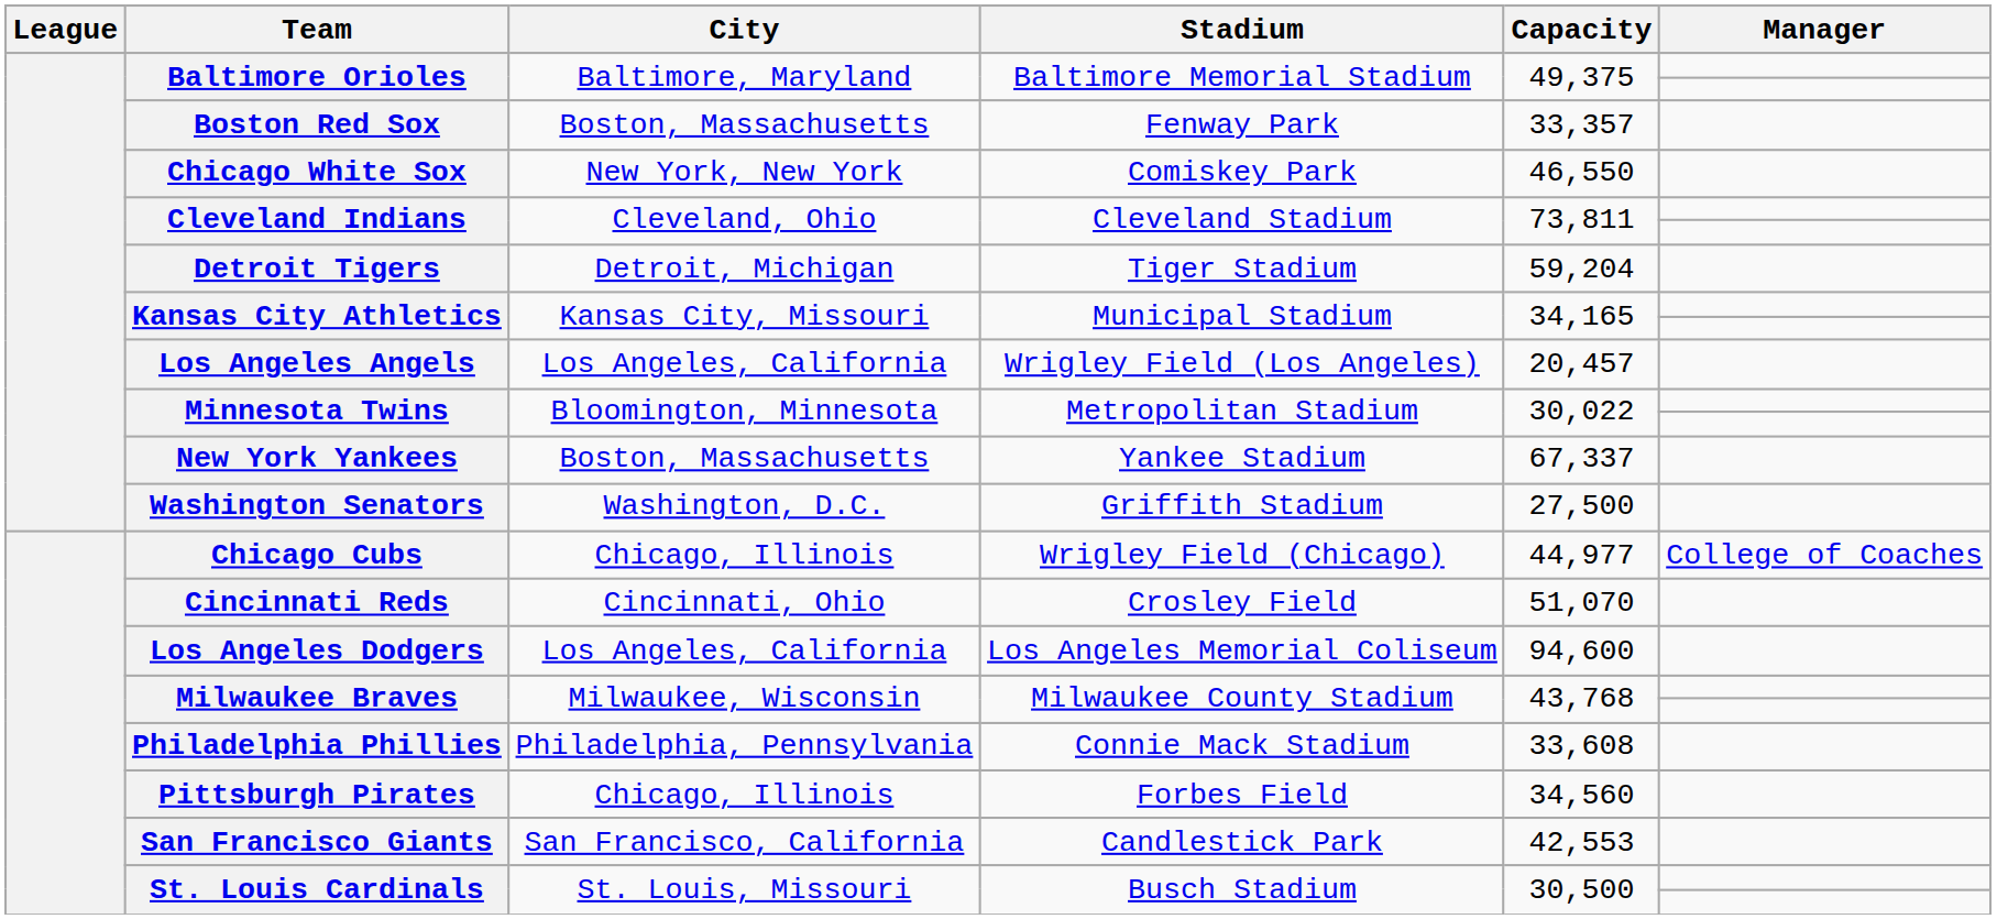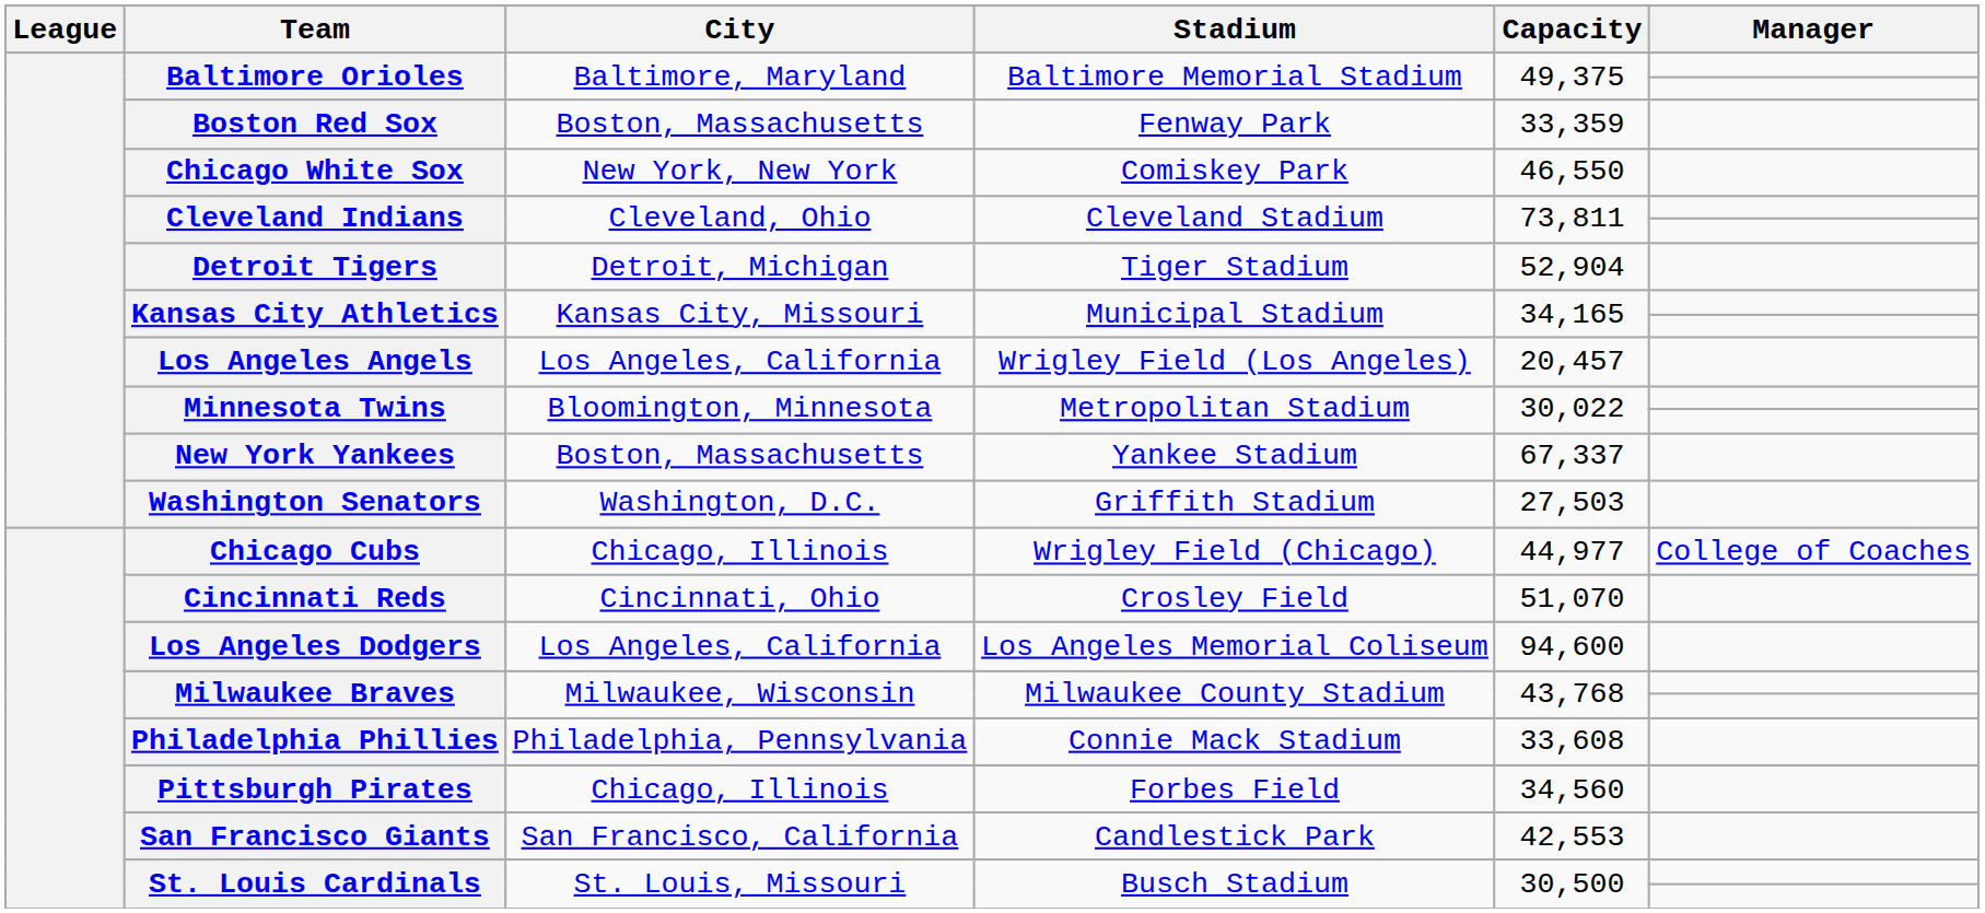 <table class="wikitable sortable plainrowheaders" style="text-align:center;">
 <tr>
 <th scope="col">League</th>
 <th scope="col">Team</th>
 <th scope="col">City</th>
 <th scope="col">Stadium</th>
 <th scope="col">Capacity</th>
 <th scope="col">Manager</th>
 </tr>
 <tr>
 <th rowspan="14"></th>
 <th rowspan="2" scope="row"><a href='#'>Baltimore Orioles</a></th>
 <td rowspan="2"><a href='#'>Baltimore, Maryland</a></td>
 <td rowspan="2"><a href='#'>Baltimore Memorial Stadium</a></td>
 <td rowspan="2">49,375</td>
 <td></td>
 </tr>
 <tr>
 <td></td>
 </tr>
 <tr>
 <th scope="row"><a href='#'>Boston Red Sox</a></th>
 <td><a href='#'>Boston, Massachusetts</a></td>
 <td><a href='#'>Fenway Park</a></td>
-<td>33,357</td>
+<td>33,359</td>
 <td></td>
 </tr>
 <tr>
 <th scope="row"><a href='#'>Chicago White Sox</a></th>
 <td><a href='#'>New York, New York</a></td>
 <td><a href='#'>Comiskey Park</a></td>
 <td>46,550</td>
 <td></td>
 </tr>
 <tr>
 <th rowspan="2" scope="row"><a href='#'>Cleveland Indians</a></th>
 <td rowspan="2"><a href='#'>Cleveland, Ohio</a></td>
 <td rowspan="2"><a href='#'>Cleveland Stadium</a></td>
 <td rowspan="2">73,811</td>
 <td></td>
 </tr>
 <tr>
 <td></td>
 </tr>
 <tr>
 <th scope="row"><a href='#'>Detroit Tigers</a></th>
 <td><a href='#'>Detroit, Michigan</a></td>
 <td><a href='#'>Tiger Stadium</a></td>
-<td>59,204</td>
+<td>52,904</td>
 <td></td>
 </tr>
 <tr>
 <th rowspan="2" scope="row"><a href='#'>Kansas City Athletics</a></th>
 <td rowspan="2"><a href='#'>Kansas City, Missouri</a></td>
 <td rowspan="2"><a href='#'>Municipal Stadium</a></td>
 <td rowspan="2">34,165</td>
 <td></td>
 </tr>
 <tr>
 <td></td>
 </tr>
 <tr>
 <th scope="row"><a href='#'>Los Angeles Angels</a></th>
 <td><a href='#'>Los Angeles, California</a></td>
 <td><a href='#'>Wrigley Field (Los Angeles)</a></td>
 <td>20,457</td>
 <td></td>
 </tr>
 <tr>
 <th rowspan="2" scope="row"><a href='#'>Minnesota Twins</a></th>
 <td rowspan="2"><a href='#'>Bloomington, Minnesota</a></td>
 <td rowspan="2"><a href='#'>Metropolitan Stadium</a></td>
 <td rowspan="2">30,022</td>
 <td></td>
 </tr>
 <tr>
 <td></td>
 </tr>
 <tr>
 <th scope="row"><a href='#'>New York Yankees</a></th>
 <td><a href='#'>Boston, Massachusetts</a></td>
 <td><a href='#'>Yankee Stadium</a></td>
 <td>67,337</td>
 <td></td>
 </tr>
 <tr>
 <th scope="row"><a href='#'>Washington Senators</a></th>
 <td><a href='#'>Washington, D.C.</a></td>
 <td><a href='#'>Griffith Stadium</a></td>
-<td>27,500</td>
+<td>27,503</td>
 <td></td>
 </tr>
 <tr>
 <th rowspan="10"></th>
 <th scope="row"><a href='#'>Chicago Cubs</a></th>
 <td><a href='#'>Chicago, Illinois</a></td>
 <td><a href='#'>Wrigley Field (Chicago)</a></td>
 <td>44,977</td>
 <td><a href='#'>College of Coaches</a></td>
 </tr>
 <tr>
 <th scope="row"><a href='#'>Cincinnati Reds</a></th>
 <td><a href='#'>Cincinnati, Ohio</a></td>
 <td><a href='#'>Crosley Field</a></td>
 <td>51,070</td>
 <td></td>
 </tr>
 <tr>
 <th scope="row"><a href='#'>Los Angeles Dodgers</a></th>
 <td><a href='#'>Los Angeles, California</a></td>
 <td><a href='#'>Los Angeles Memorial Coliseum</a></td>
 <td>94,600</td>
 <td></td>
 </tr>
 <tr>
 <th rowspan="2" scope="row"><a href='#'>Milwaukee Braves</a></th>
 <td rowspan="2"><a href='#'>Milwaukee, Wisconsin</a></td>
 <td rowspan="2"><a href='#'>Milwaukee County Stadium</a></td>
 <td rowspan="2">43,768</td>
 <td></td>
 </tr>
 <tr>
 <td></td>
 </tr>
 <tr>
 <th scope="row"><a href='#'>Philadelphia Phillies</a></th>
 <td><a href='#'>Philadelphia, Pennsylvania</a></td>
 <td><a href='#'>Connie Mack Stadium</a></td>
 <td>33,608</td>
 <td></td>
 </tr>
 <tr>
 <th scope="row"><a href='#'>Pittsburgh Pirates</a></th>
 <td><a href='#'>Chicago, Illinois</a></td>
 <td><a href='#'>Forbes Field</a></td>
 <td>34,560</td>
 <td></td>
 </tr>
 <tr>
 <th scope="row"><a href='#'>San Francisco Giants</a></th>
 <td><a href='#'>San Francisco, California</a></td>
 <td><a href='#'>Candlestick Park</a></td>
 <td>42,553</td>
 <td></td>
 </tr>
 <tr>
 <th rowspan="2" scope="row"><a href='#'>St. Louis Cardinals</a></th>
 <td rowspan="2"><a href='#'>St. Louis, Missouri</a></td>
 <td rowspan="2"><a href='#'>Busch Stadium</a></td>
 <td rowspan="2">30,500</td>
 <td></td>
 </tr>
 <tr>
 <td></td>
 </tr>
 </table>
